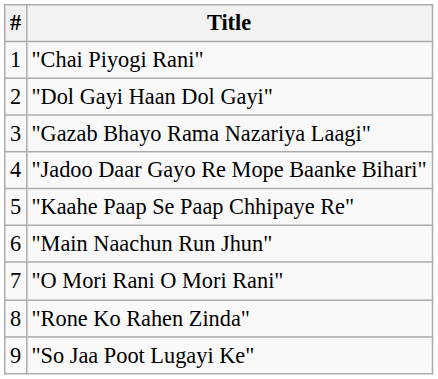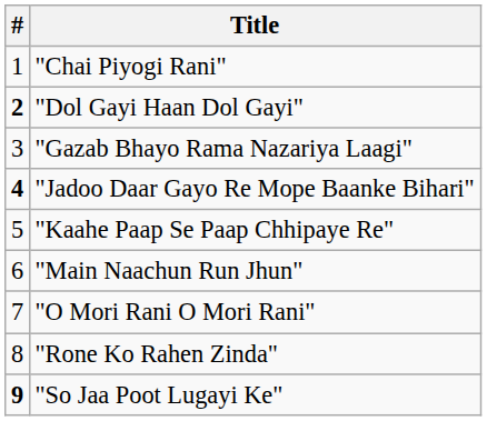 <table class="wikitable" style="font-size:95%;">
 <tr>
 <th>#</th>
 <th>Title</th>
 </tr>
 <tr>
 <td>1</td>
 <td>"Chai Piyogi Rani"</td>
 </tr>
 <tr>
-<td>2</td>
+<td><strong>2</strong></td>
 <td>"Dol Gayi Haan Dol Gayi"</td>
 </tr>
 <tr>
 <td>3</td>
 <td>"Gazab Bhayo Rama Nazariya Laagi"</td>
 </tr>
 <tr>
-<td>4</td>
+<td><strong>4</strong></td>
 <td>"Jadoo Daar Gayo Re Mope Baanke Bihari"</td>
 </tr>
 <tr>
 <td>5</td>
 <td>"Kaahe Paap Se Paap Chhipaye Re"</td>
 </tr>
 <tr>
 <td>6</td>
 <td>"Main Naachun Run Jhun"</td>
 </tr>
 <tr>
 <td>7</td>
 <td>"O Mori Rani O Mori Rani"</td>
 </tr>
 <tr>
 <td>8</td>
 <td>"Rone Ko Rahen Zinda"</td>
 </tr>
 <tr>
-<td>9</td>
+<td><strong>9</strong></td>
 <td>"So Jaa Poot Lugayi Ke"</td>
 </tr>
 </table>
